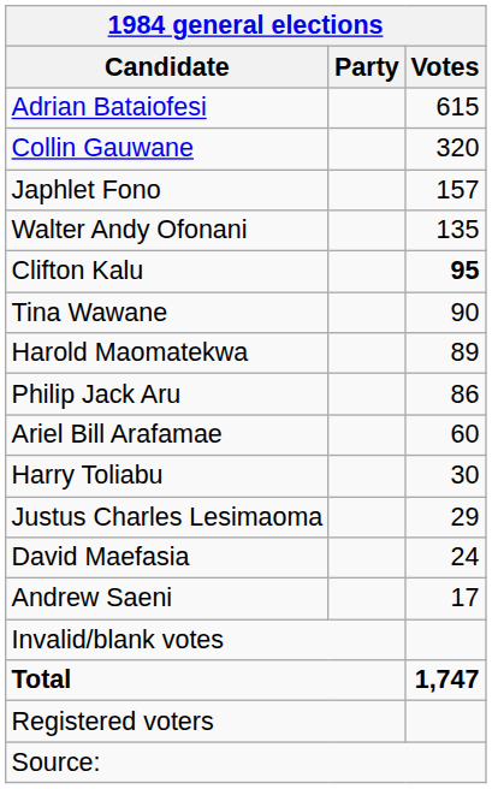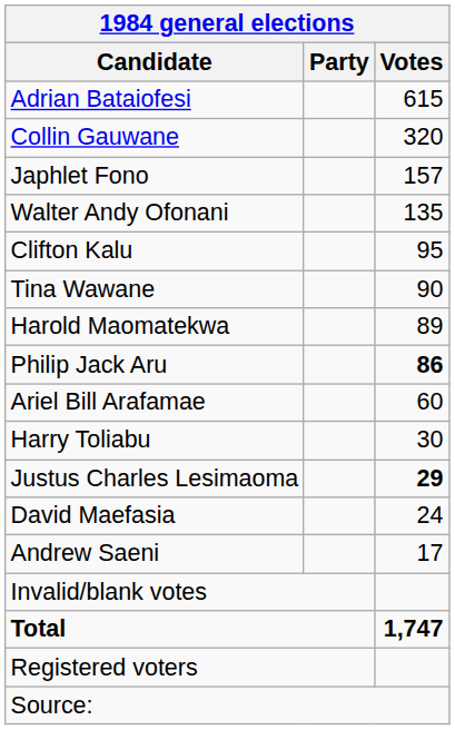 <table class=wikitable style=text-align:left>
 <tr>
 <th colspan=3><a href='#'>1984 general elections</a></th>
 </tr>
 <tr>
 <th>Candidate</th>
 <th>Party</th>
 <th>Votes</th>
 </tr>
 <tr>
 <td><a href='#'>Adrian Bataiofesi</a></td>
 <td></td>
 <td align=right>615</td>
 </tr>
 <tr>
 <td><a href='#'>Collin Gauwane</a></td>
 <td></td>
 <td align=right>320</td>
 </tr>
 <tr>
 <td>Japhlet Fono</td>
 <td></td>
 <td align=right>157</td>
 </tr>
 <tr>
 <td>Walter Andy Ofonani</td>
 <td></td>
 <td align=right>135</td>
 </tr>
 <tr>
 <td>Clifton Kalu</td>
 <td></td>
-<td align=right><strong>95</strong></td>
+<td align=right>95</td>
 </tr>
 <tr>
 <td>Tina Wawane</td>
 <td></td>
 <td align=right>90</td>
 </tr>
 <tr>
 <td>Harold Maomatekwa</td>
 <td></td>
 <td align=right>89</td>
 </tr>
 <tr>
 <td>Philip Jack Aru</td>
 <td></td>
-<td align=right>86</td>
+<td align=right><strong>86</strong></td>
 </tr>
 <tr>
 <td>Ariel Bill Arafamae</td>
 <td></td>
 <td align=right>60</td>
 </tr>
 <tr>
 <td>Harry Toliabu</td>
 <td></td>
 <td align=right>30</td>
 </tr>
 <tr>
 <td>Justus Charles Lesimaoma</td>
 <td></td>
-<td align=right>29</td>
+<td align=right><strong>29</strong></td>
 </tr>
 <tr>
 <td>David Maefasia</td>
 <td></td>
 <td align=right>24</td>
 </tr>
 <tr>
 <td>Andrew Saeni</td>
 <td></td>
 <td align=right>17</td>
 </tr>
 <tr>
 <td colspan=2>Invalid/blank votes</td>
 <td align=right></td>
 </tr>
 <tr>
 <td colspan=2><strong>Total</strong></td>
 <td align=right><strong>1,747</strong></td>
 </tr>
 <tr>
 <td colspan=2>Registered voters</td>
 <td align=right></td>
 </tr>
 <tr>
 <td colspan=3>Source: </td>
 </tr>
 </table>
